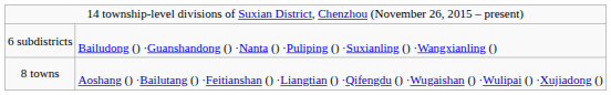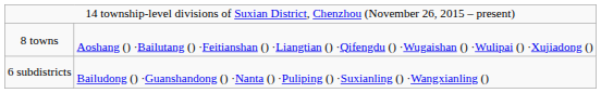 <table class="wikitable">
 <tr>
 <td style="text-align:center;" colspan="2">14 township-level divisions of <a href='#'>Suxian District</a>, <a href='#'>Chenzhou</a> (November 26, 2015 – present)</td>
 </tr>
 <tr align=left>
+<td align=center>8 towns</td>
+<td><br><a href='#'>Aoshang</a> () ·<a href='#'>Bailutang</a> () ·<a href='#'>Feitianshan</a> () ·<a href='#'>Liangtian</a> () ·<a href='#'>Qifengdu</a> () ·<a href='#'>Wugaishan</a> () ·<a href='#'>Wulipai</a> () ·<a href='#'>Xujiadong</a> ()</td>
+</tr>
+<tr align=left>
 <td align=center>6 subdistricts</td>
 <td><br><a href='#'>Bailudong</a> () ·<a href='#'>Guanshandong</a> () ·<a href='#'>Nanta</a> () ·<a href='#'>Puliping</a> () ·<a href='#'>Suxianling</a> () ·<a href='#'>Wangxianling</a> ()</td>
 </tr>
-<tr align=left>
-<td align=center>8 towns</td>
-<td><br><a href='#'>Aoshang</a> () ·<a href='#'>Bailutang</a> () ·<a href='#'>Feitianshan</a> () ·<a href='#'>Liangtian</a> () ·<a href='#'>Qifengdu</a> () ·<a href='#'>Wugaishan</a> () ·<a href='#'>Wulipai</a> () ·<a href='#'>Xujiadong</a> ()</td>
-</tr>
 </table>
